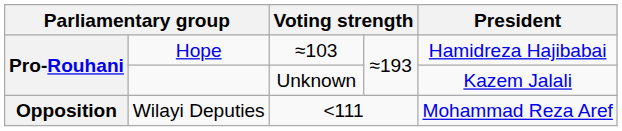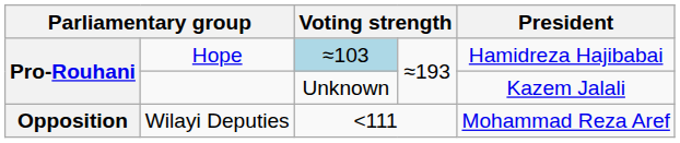 <table class="wikitable" style="font-size:95%;text-align:center;">
 <tr style="background-color:#E9E9E9;">
 <th colspan="2">Parliamentary group</th>
 <th colspan="2">Voting strength</th>
 <th>President</th>
 </tr>
 <tr>
 <th rowspan="2">Pro-<a href='#'>Rouhani</a></th>
 <td><a href='#'>Hope</a></td>
-<td>≈103</td>
+<td style="background: lightblue;">≈103</td>
 <td rowspan="2">≈193</td>
 <td><a href='#'>Hamidreza Hajibabai</a></td>
 </tr>
 <tr>
 <td></td>
 <td>Unknown</td>
 <td><a href='#'>Kazem Jalali</a></td>
 </tr>
 <tr>
 <th>Opposition</th>
 <td>Wilayi Deputies</td>
 <td colspan="2"><111</td>
 <td><a href='#'>Mohammad Reza Aref</a></td>
 </tr>
 </table>
